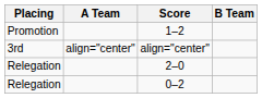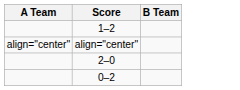 <table class=wikitable style="border:1px solid #AAAAAA;">
 <tr>
-<th>Placing</th>
 <th>A Team</th>
 <th>Score</th>
 <th>B Team</th>
 </tr>
 <tr>
-<td>Promotion</td>
 <td></td>
 <td align="center">1–2</td>
 <td><strong></strong></td>
 </tr>
 <tr>
-<td>3rd</td>
 <td>align="center" </td>
 <td>align="center" </td>
 <td></td>
 </tr>
 <tr>
-<td>Relegation</td>
 <td><strong></strong></td>
 <td align="center">2–0</td>
 <td></td>
 </tr>
 <tr>
-<td>Relegation</td>
 <td></td>
 <td align="center">0–2</td>
 <td><strong></strong></td>
 </tr>
 </table>
